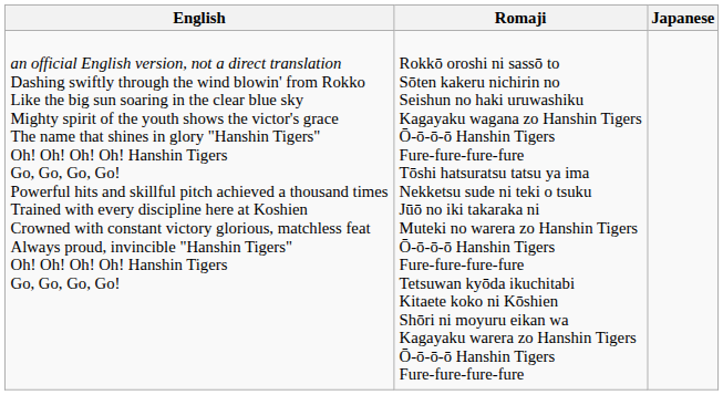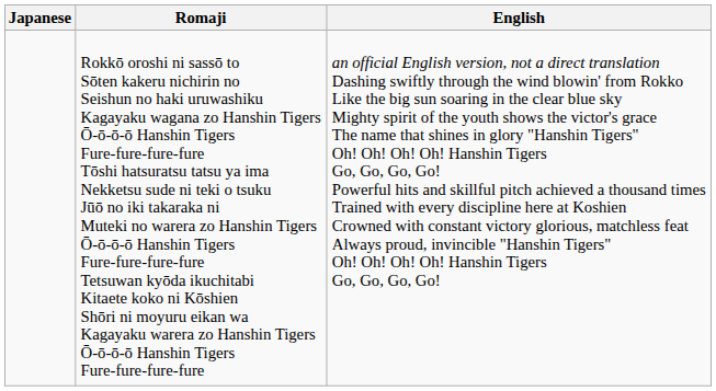 <table class="wikitable">
 <tr>
+<th>Japanese</th>
+<th>Romaji</th>
 <th>English</th>
-<th>Romaji</th>
-<th>Japanese</th>
 </tr>
 <tr>
+<td style="line-height: 2em"></td>
+<td style="padding:5px"><br>Rokkō oroshi ni sassō to<br> Sōten kakeru nichirin no<br> Seishun no haki uruwashiku<br> Kagayaku wagana zo Hanshin Tigers<br> Ō-ō-ō-ō Hanshin Tigers<br> Fure-fure-fure-fure<br>Tōshi hatsuratsu tatsu ya ima<br> Nekketsu sude ni teki o tsuku<br> Jūō no iki takaraka ni<br> Muteki no warera zo Hanshin Tigers<br> Ō-ō-ō-ō Hanshin Tigers<br> Fure-fure-fure-fure<br>Tetsuwan kyōda ikuchitabi<br> Kitaete koko ni Kōshien<br> Shōri ni moyuru eikan wa<br> Kagayaku warera zo Hanshin Tigers<br> Ō-ō-ō-ō Hanshin Tigers<br> Fure-fure-fure-fure</td>
 <td style="padding: 5px; vertical-align: top;"><br><em>an official English version, not a direct translation</em><br>Dashing swiftly through the wind blowin' from Rokko<br> Like the big sun soaring in the clear blue sky<br> Mighty spirit of the youth shows the victor's grace<br> The name that shines in glory "Hanshin Tigers"<br> Oh! Oh! Oh! Oh! Hanshin Tigers<br> Go, Go, Go, Go!<br>Powerful hits and skillful pitch achieved a thousand times<br> Trained with every discipline here at Koshien<br> Crowned with constant victory glorious, matchless feat<br> Always proud, invincible "Hanshin Tigers"<br> Oh! Oh! Oh! Oh! Hanshin Tigers<br> Go, Go, Go, Go!</td>
-<td style="padding:5px"><br>Rokkō oroshi ni sassō to<br> Sōten kakeru nichirin no<br> Seishun no haki uruwashiku<br> Kagayaku wagana zo Hanshin Tigers<br> Ō-ō-ō-ō Hanshin Tigers<br> Fure-fure-fure-fure<br>Tōshi hatsuratsu tatsu ya ima<br> Nekketsu sude ni teki o tsuku<br> Jūō no iki takaraka ni<br> Muteki no warera zo Hanshin Tigers<br> Ō-ō-ō-ō Hanshin Tigers<br> Fure-fure-fure-fure<br>Tetsuwan kyōda ikuchitabi<br> Kitaete koko ni Kōshien<br> Shōri ni moyuru eikan wa<br> Kagayaku warera zo Hanshin Tigers<br> Ō-ō-ō-ō Hanshin Tigers<br> Fure-fure-fure-fure</td>
-<td style="line-height: 2em"></td>
 </tr>
 </table>
